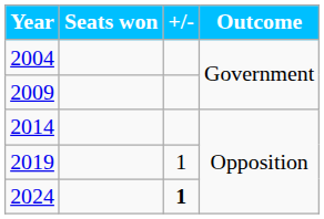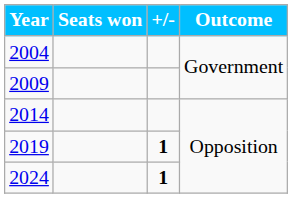 <table class="wikitable sortable">
 <tr>
 <th style="background-color:#00BFFF; color:white">Year</th>
 <th style="background-color:#00BFFF; color:white">Seats won</th>
 <th style="background-color:#00BFFF; color:white">+/-</th>
 <th style="background-color:#00BFFF; color:white">Outcome</th>
 </tr>
 <tr style="text-align:center;">
 <td><a href='#'>2004</a></td>
 <td></td>
 <td></td>
 <td rowspan="2">Government</td>
 </tr>
 <tr style="text-align:center;">
 <td><a href='#'>2009</a></td>
 <td></td>
 <td></td>
 </tr>
 <tr style="text-align:center;">
 <td><a href='#'>2014</a></td>
 <td></td>
 <td></td>
 <td rowspan="3">Opposition</td>
 </tr>
 <tr style="text-align:center;">
 <td><a href='#'>2019</a></td>
 <td></td>
-<td> 1</td>
+<td><strong> 1</strong></td>
 </tr>
 <tr style="text-align:center;">
 <td><a href='#'>2024</a></td>
 <td></td>
 <td><strong> 1</strong></td>
 </tr>
 </table>
